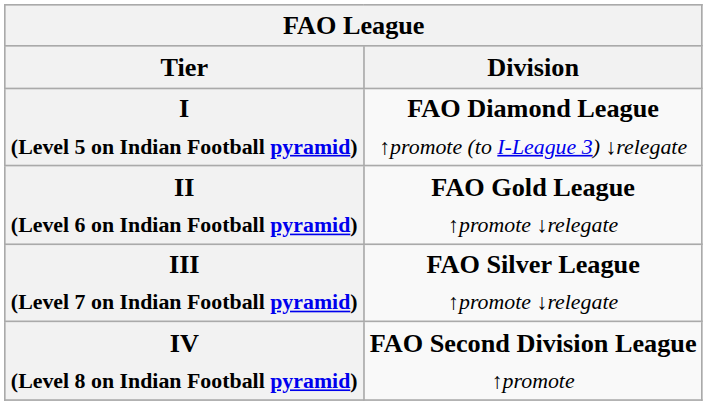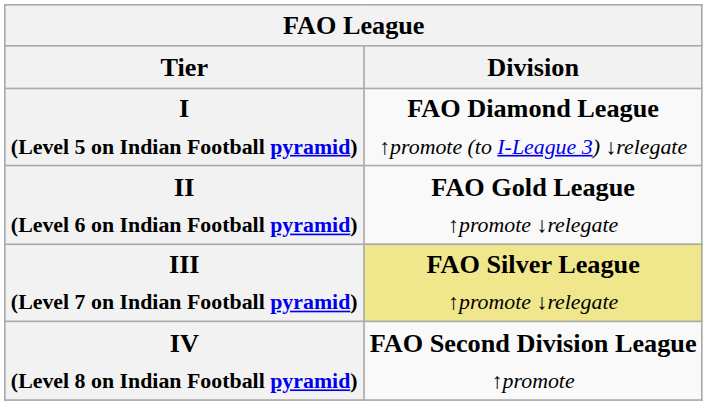 <table class="wikitable" style="text-align:center;">
 <tr>
 <th colspan="2">FAO League</th>
 </tr>
 <tr>
 <th>Tier</th>
 <th>Division</th>
 </tr>
 <tr>
 <th>I<br><sub>(Level 5 on Indian Football <a href='#'>pyramid</a>)</sub></th>
 <td><strong>FAO Diamond League</strong><br><em><sub>↑promote (to <a href='#'>I-League 3</a>) ↓relegate</sub></em></td>
 </tr>
 <tr>
 <th>II<br><sub>(Level 6 on Indian Football <a href='#'>pyramid</a>)</sub></th>
 <td><strong>FAO Gold League</strong><br><em><sub>↑promote ↓relegate</sub></em></td>
 </tr>
 <tr>
 <th>III<br><sub>(Level 7 on Indian Football <a href='#'>pyramid</a>)</sub></th>
-<td><strong>FAO Silver League</strong><br><em><sub>↑promote ↓relegate</sub></em></td>
+<td style="background: khaki;"><strong>FAO Silver League</strong><br><em><sub>↑promote ↓relegate</sub></em></td>
 </tr>
 <tr>
 <th>IV<br><sub>(Level 8 on Indian Football <a href='#'>pyramid</a>)</sub></th>
 <td><strong>FAO Second Division League</strong><br><em><sub>↑promote</sub></em></td>
 </tr>
 </table>
